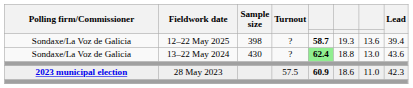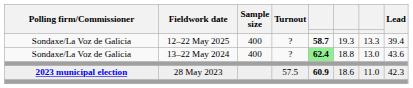 <table class="wikitable collapsible collapsed" style="text-align:center; font-size:95%; line-height:16px;">
 <tr style="height:42px;">
 <th style="width:250px;" rowspan="2">Polling firm/Commissioner</th>
 <th style="width:125px;" rowspan="2">Fieldwork date</th>
 <th style="width:50px;" rowspan="2">Sample size</th>
 <th style="width:45px;" rowspan="2">Turnout</th>
 <th style="width:35px;"></th>
 <th style="width:35px;"></th>
 <th style="width:35px;"></th>
 <th style="width:30px;" rowspan="2">Lead</th>
 </tr>
 <tr>
 <th style="color:inherit;background:"></th>
 <th style="color:inherit;background:"></th>
 <th style="color:inherit;background:"></th>
 </tr>
 <tr>
 <td>Sondaxe/La Voz de Galicia</td>
 <td>12–22 May 2025</td>
-<td>398</td>
+<td>400</td>
 <td>?</td>
 <td><strong>58.7</strong><br></td>
 <td>19.3<br></td>
-<td>13.6<br></td>
+<td>13.3<br></td>
 <td style="background:">39.4</td>
 </tr>
 <tr>
 <td>Sondaxe/La Voz de Galicia</td>
 <td>13–22 May 2024</td>
-<td>430</td>
+<td>400</td>
 <td>?</td>
 <td style="background: lightgreen;"><strong>62.4</strong><br></td>
 <td>18.8<br></td>
 <td>13.0<br></td>
 <td style="background:">43.6</td>
 </tr>
 <tr>
 <td colspan="8" style="background:#A0A0A0"></td>
 </tr>
 <tr style="background:#EFEFEF;">
 <td><strong><a href='#'>2023 municipal election</a></strong></td>
 <td>28 May 2023</td>
 <td></td>
 <td>57.5</td>
 <td><strong>60.9</strong><br></td>
 <td>18.6<br></td>
 <td>11.0<br></td>
 <td style="background:">42.3</td>
 </tr>
 <tr>
 <td colspan="8" style="background:#A0A0A0"></td>
 </tr>
 </table>
